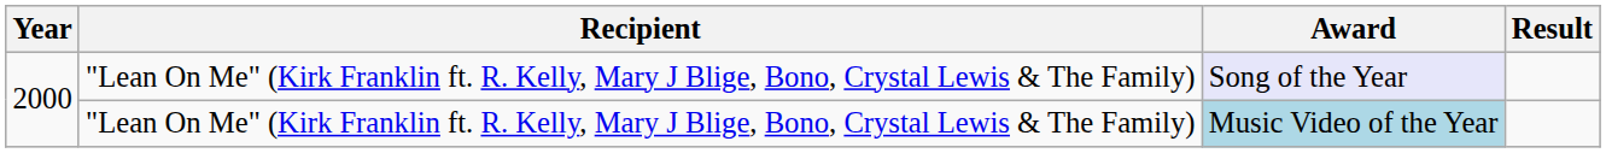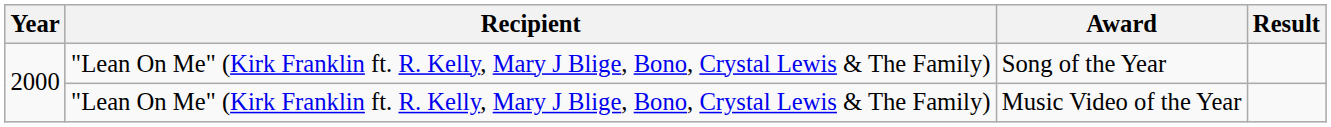 <table class="wikitable">
 <tr>
 <th>Year</th>
 <th>Recipient</th>
 <th>Award</th>
 <th>Result</th>
 </tr>
 <tr>
 <td rowspan="2">2000</td>
 <td>"Lean On Me" (<a href='#'>Kirk Franklin</a> ft. <a href='#'>R. Kelly</a>, <a href='#'>Mary J Blige</a>, <a href='#'>Bono</a>, <a href='#'>Crystal Lewis</a> & The Family)</td>
-<td style="background: lavender;">Song of the Year</td>
+<td>Song of the Year</td>
 <td></td>
 </tr>
 <tr>
 <td>"Lean On Me" (<a href='#'>Kirk Franklin</a> ft. <a href='#'>R. Kelly</a>, <a href='#'>Mary J Blige</a>, <a href='#'>Bono</a>, <a href='#'>Crystal Lewis</a> & The Family)</td>
-<td style="background: lightblue;">Music Video of the Year</td>
+<td>Music Video of the Year</td>
 <td></td>
 </tr>
 </table>
